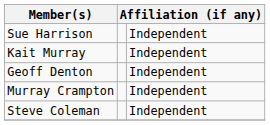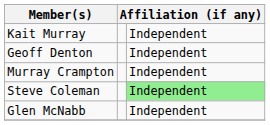 <table class="wikitable">
 <tr>
 <th>Member(s)</th>
 <th colspan="2">Affiliation (if any)</th>
-</tr>
-<tr>
-<td>Sue Harrison</td>
-<td></td>
-<td>Independent</td>
 </tr>
 <tr>
 <td>Kait Murray</td>
 <td></td>
 <td>Independent</td>
 </tr>
 <tr>
 <td>Geoff Denton</td>
 <td></td>
 <td>Independent</td>
 </tr>
 <tr>
 <td>Murray Crampton</td>
 <td></td>
 <td>Independent</td>
 </tr>
 <tr>
 <td>Steve Coleman</td>
 <td></td>
+<td style="background: lightgreen;">Independent</td>
+</tr>
+<tr>
+<td>Glen McNabb</td>
+<td></td>
 <td>Independent</td>
 </tr>
 <tr>
 </tr>
 </table>
